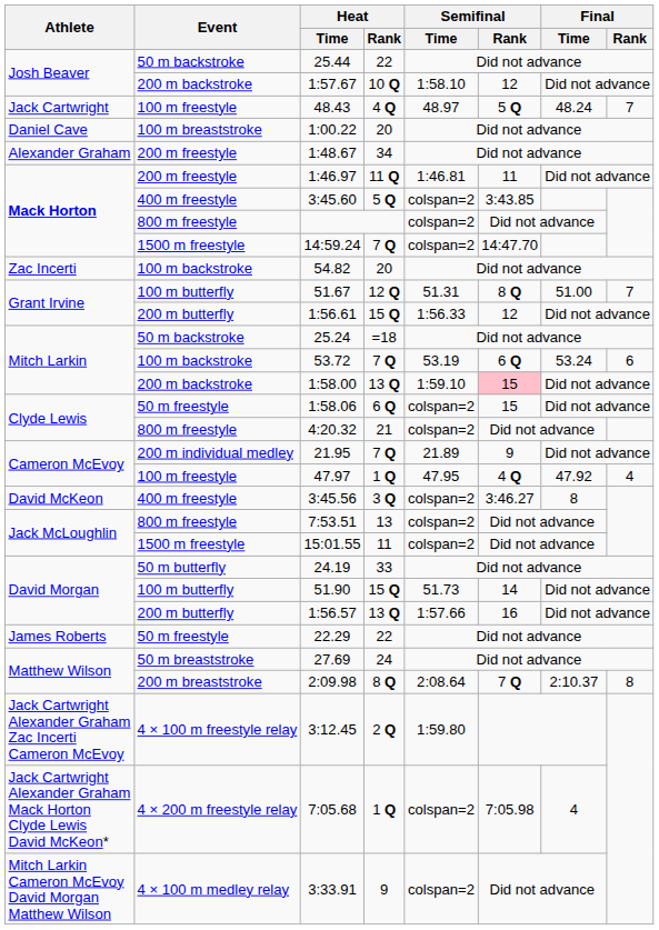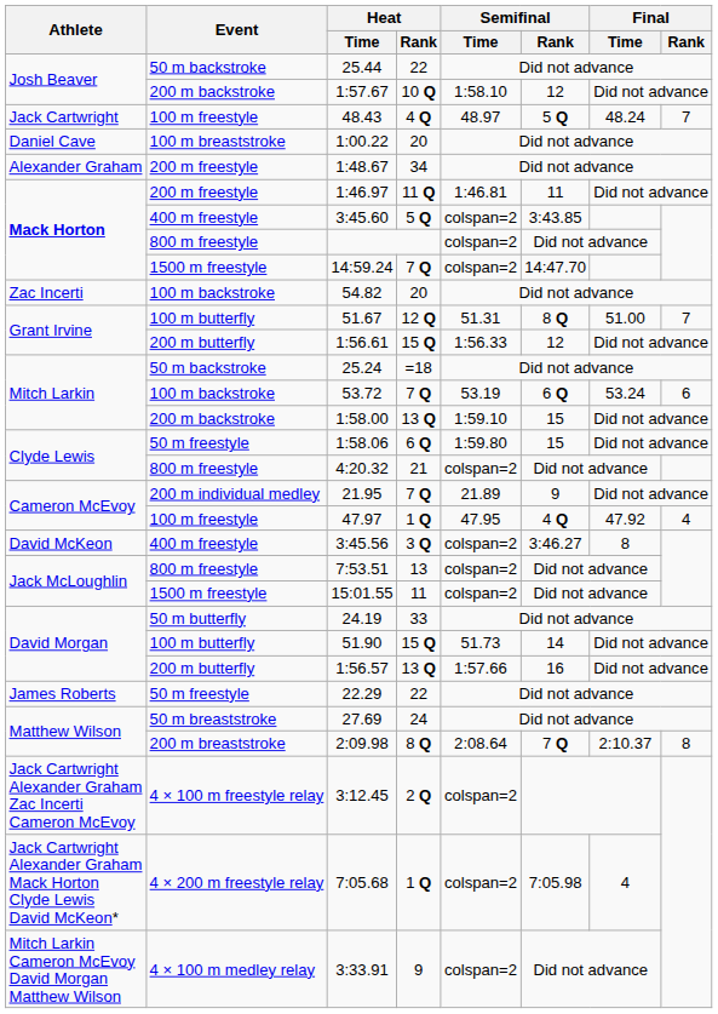 <table class=wikitable style="font-size:90%">
 <tr>
 <th rowspan="2">Athlete</th>
 <th rowspan="2">Event</th>
 <th colspan="2">Heat</th>
 <th colspan="2">Semifinal</th>
 <th colspan="2">Final</th>
 </tr>
 <tr style="font-size:95%">
 <th>Time</th>
 <th>Rank</th>
 <th>Time</th>
 <th>Rank</th>
 <th>Time</th>
 <th>Rank</th>
 </tr>
 <tr align=center>
 <td align=left rowspan=2><a href='#'>Josh Beaver</a></td>
 <td align=left><a href='#'>50 m backstroke</a></td>
 <td>25.44</td>
 <td>22</td>
 <td colspan=4>Did not advance</td>
 </tr>
 <tr align=center>
 <td align=left><a href='#'>200 m backstroke</a></td>
 <td>1:57.67</td>
 <td>10 <strong>Q</strong></td>
 <td>1:58.10</td>
 <td>12</td>
 <td colspan=2>Did not advance</td>
 </tr>
 <tr align=center>
 <td align=left><a href='#'>Jack Cartwright</a></td>
 <td align=left><a href='#'>100 m freestyle</a></td>
 <td>48.43</td>
 <td>4 <strong>Q</strong></td>
 <td>48.97</td>
 <td>5 <strong>Q</strong></td>
 <td>48.24</td>
 <td>7</td>
 </tr>
 <tr align=center>
 <td align=left><a href='#'>Daniel Cave</a></td>
 <td align=left><a href='#'>100 m breaststroke</a></td>
 <td>1:00.22</td>
 <td>20</td>
 <td colspan=4>Did not advance</td>
 </tr>
 <tr align=center>
 <td align=left><a href='#'>Alexander Graham</a></td>
 <td align=left><a href='#'>200 m freestyle</a></td>
 <td>1:48.67</td>
 <td>34</td>
 <td colspan=4>Did not advance</td>
 </tr>
 <tr align=center>
 <td align=left rowspan=4><strong><a href='#'>Mack Horton</a></strong></td>
 <td align=left><a href='#'>200 m freestyle</a></td>
 <td>1:46.97</td>
 <td>11 <strong>Q</strong></td>
 <td>1:46.81</td>
 <td>11</td>
 <td colspan=2>Did not advance</td>
 </tr>
 <tr align=center>
 <td align=left><a href='#'>400 m freestyle</a></td>
 <td>3:45.60</td>
 <td>5 <strong>Q</strong></td>
 <td>colspan=2 </td>
 <td>3:43.85</td>
 <td></td>
 </tr>
 <tr align=center>
 <td align=left><a href='#'>800 m freestyle</a></td>
 <td colspan=2></td>
 <td>colspan=2 </td>
 <td colspan=2>Did not advance</td>
 </tr>
 <tr align=center>
 <td align=left><a href='#'>1500 m freestyle</a></td>
 <td>14:59.24</td>
 <td>7 <strong>Q</strong></td>
 <td>colspan=2 </td>
 <td>14:47.70</td>
 <td></td>
 </tr>
 <tr align=center>
 <td align=left><a href='#'>Zac Incerti</a></td>
 <td align=left><a href='#'>100 m backstroke</a></td>
 <td>54.82</td>
 <td>20</td>
 <td colspan=4>Did not advance</td>
 </tr>
 <tr align=center>
 <td align=left rowspan=2><a href='#'>Grant Irvine</a></td>
 <td align=left><a href='#'>100 m butterfly</a></td>
 <td>51.67</td>
 <td>12 <strong>Q</strong></td>
 <td>51.31</td>
 <td>8 <strong>Q</strong></td>
 <td>51.00</td>
 <td>7</td>
 </tr>
 <tr align=center>
 <td align=left><a href='#'>200 m butterfly</a></td>
 <td>1:56.61</td>
 <td>15 <strong>Q</strong></td>
 <td>1:56.33</td>
 <td>12</td>
 <td colspan=2>Did not advance</td>
 </tr>
 <tr align=center>
 <td align=left rowspan=3><a href='#'>Mitch Larkin</a></td>
 <td align=left><a href='#'>50 m backstroke</a></td>
 <td>25.24</td>
 <td>=18</td>
 <td colspan=4>Did not advance</td>
 </tr>
 <tr align=center>
 <td align=left><a href='#'>100 m backstroke</a></td>
 <td>53.72</td>
 <td>7 <strong>Q</strong></td>
 <td>53.19</td>
 <td>6 <strong>Q</strong></td>
 <td>53.24</td>
 <td>6</td>
 </tr>
 <tr align=center>
 <td align=left><a href='#'>200 m backstroke</a></td>
 <td>1:58.00</td>
 <td>13 <strong>Q</strong></td>
 <td>1:59.10</td>
-<td style="background: pink;">15</td>
+<td>15</td>
 <td colspan=2>Did not advance</td>
 </tr>
 <tr align=center>
 <td align=left rowspan=2><a href='#'>Clyde Lewis</a></td>
 <td align=left><a href='#'>50 m freestyle</a></td>
 <td>1:58.06</td>
 <td>6 <strong>Q</strong></td>
-<td>colspan=2 </td>
+<td>1:59.80</td>
 <td>15</td>
 <td colspan=2>Did not advance</td>
 </tr>
 <tr align=center>
 <td align=left><a href='#'>800 m freestyle</a></td>
 <td>4:20.32</td>
 <td>21</td>
 <td>colspan=2 </td>
 <td colspan=2>Did not advance</td>
 </tr>
 <tr align=center>
 <td align=left rowspan=2><a href='#'>Cameron McEvoy</a></td>
 <td align=left><a href='#'>200 m individual medley</a></td>
 <td>21.95</td>
 <td>7 <strong>Q</strong></td>
 <td>21.89</td>
 <td>9</td>
 <td colspan=2>Did not advance</td>
 </tr>
 <tr align=center>
 <td align=left><a href='#'>100 m freestyle</a></td>
 <td>47.97</td>
 <td>1 <strong>Q</strong></td>
 <td>47.95</td>
 <td>4 <strong>Q</strong></td>
 <td>47.92</td>
 <td>4</td>
 </tr>
 <tr align=center>
 <td align=left><a href='#'>David McKeon</a></td>
 <td align=left><a href='#'>400 m freestyle</a></td>
 <td>3:45.56</td>
 <td>3 <strong>Q</strong></td>
 <td>colspan=2 </td>
 <td>3:46.27</td>
 <td>8</td>
 </tr>
 <tr align=center>
 <td align=left rowspan=2><a href='#'>Jack McLoughlin</a></td>
 <td align=left><a href='#'>800 m freestyle</a></td>
 <td>7:53.51</td>
 <td>13</td>
 <td>colspan=2 </td>
 <td colspan=2>Did not advance</td>
 </tr>
 <tr align=center>
 <td align=left><a href='#'>1500 m freestyle</a></td>
 <td>15:01.55</td>
 <td>11</td>
 <td>colspan=2 </td>
 <td colspan=2>Did not advance</td>
 </tr>
 <tr align=center>
 <td align=left rowspan=3><a href='#'>David Morgan</a></td>
 <td align=left><a href='#'>50 m butterfly</a></td>
 <td>24.19</td>
 <td>33</td>
 <td colspan=4>Did not advance</td>
 </tr>
 <tr align=center>
 <td align=left><a href='#'>100 m butterfly</a></td>
 <td>51.90</td>
 <td>15 <strong>Q</strong></td>
 <td>51.73</td>
 <td>14</td>
 <td colspan=4>Did not advance</td>
 </tr>
 <tr align=center>
 <td align=left><a href='#'>200 m butterfly</a></td>
 <td>1:56.57</td>
 <td>13 <strong>Q</strong></td>
 <td>1:57.66</td>
 <td>16</td>
 <td colspan=2>Did not advance</td>
 </tr>
 <tr align=center>
 <td align=left><a href='#'>James Roberts</a></td>
 <td align=left><a href='#'>50 m freestyle</a></td>
 <td>22.29</td>
 <td>22</td>
 <td colspan=4>Did not advance</td>
 </tr>
 <tr align=center>
 <td align=left rowspan=2><a href='#'>Matthew Wilson</a></td>
 <td align=left><a href='#'>50 m breaststroke</a></td>
 <td>27.69</td>
 <td>24</td>
 <td colspan=4>Did not advance</td>
 </tr>
 <tr align=center>
 <td align=left><a href='#'>200 m breaststroke</a></td>
 <td>2:09.98</td>
 <td>8 <strong>Q</strong></td>
 <td>2:08.64</td>
 <td>7 <strong>Q</strong></td>
 <td>2:10.37</td>
 <td>8</td>
 </tr>
 <tr align=center>
 <td align=left><a href='#'>Jack Cartwright</a><br><a href='#'>Alexander Graham</a><br><a href='#'>Zac Incerti</a><br><a href='#'>Cameron McEvoy</a></td>
 <td align=left><a href='#'>4 × 100 m freestyle relay</a></td>
 <td>3:12.45</td>
 <td>2 <strong>Q</strong></td>
-<td>1:59.80</td>
+<td>colspan=2 </td>
 <td colspan=2></td>
 </tr>
 <tr align=center>
 <td align=left><a href='#'>Jack Cartwright</a><br><a href='#'>Alexander Graham</a><br><a href='#'>Mack Horton</a><br><a href='#'>Clyde Lewis</a><br><a href='#'>David McKeon</a>*</td>
 <td align=left><a href='#'>4 × 200 m freestyle relay</a></td>
 <td>7:05.68</td>
 <td>1 <strong>Q</strong></td>
 <td>colspan=2 </td>
 <td>7:05.98</td>
 <td>4</td>
 </tr>
 <tr align=center>
 <td align=left><a href='#'>Mitch Larkin</a><br><a href='#'>Cameron McEvoy</a><br><a href='#'>David Morgan</a><br><a href='#'>Matthew Wilson</a></td>
 <td align=left><a href='#'>4 × 100 m medley relay</a></td>
 <td>3:33.91</td>
 <td>9</td>
 <td>colspan=2 </td>
 <td colspan=2>Did not advance</td>
 </tr>
 </table>
